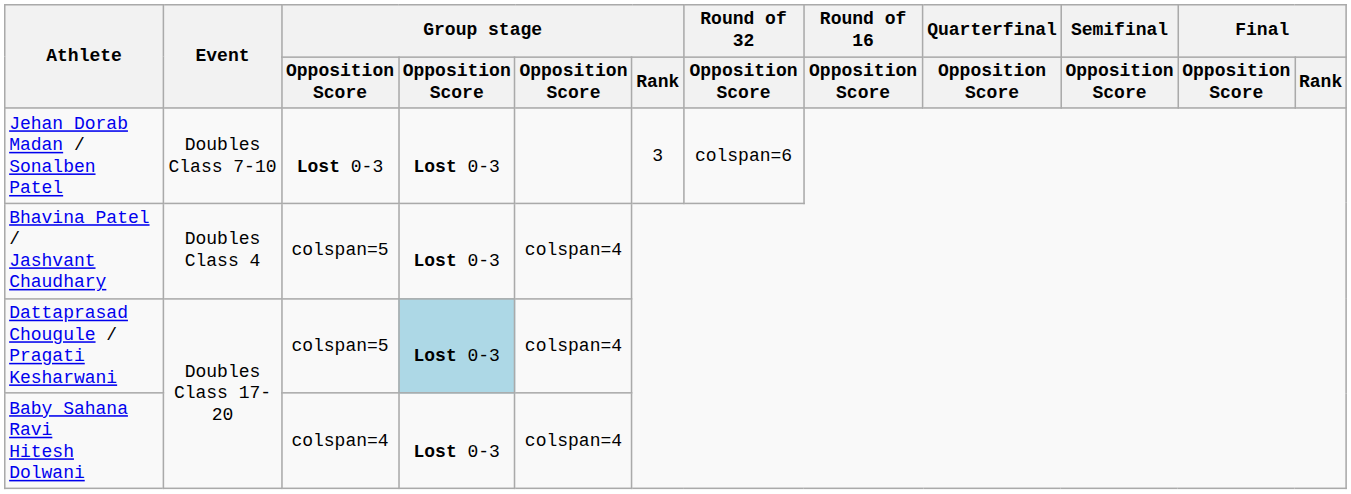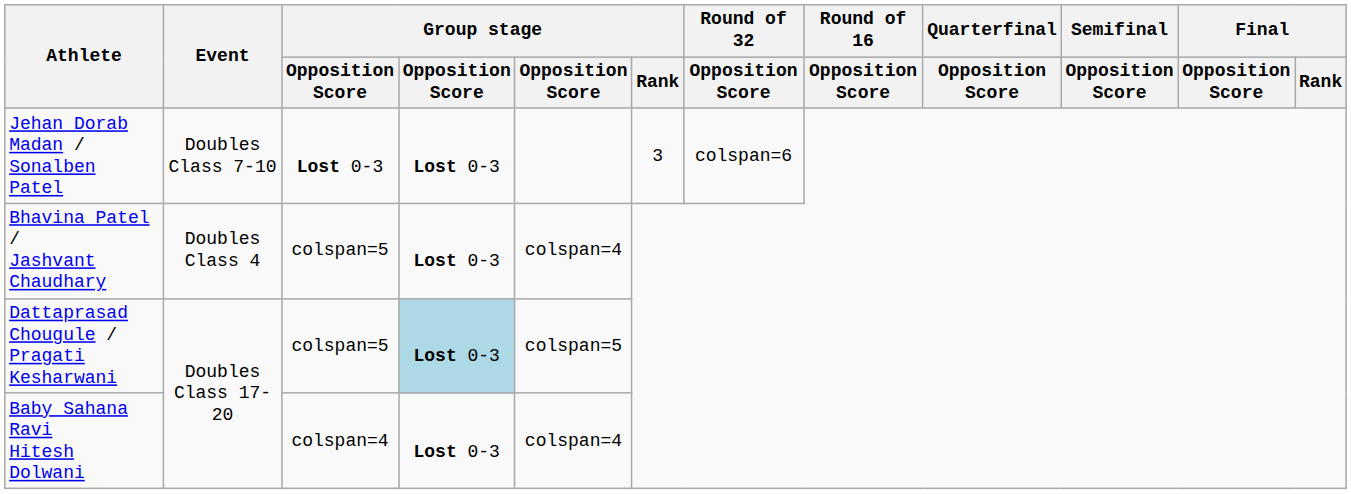 <table class="wikitable" style="text-align:center; font-size:90%">
 <tr>
 <th rowspan="2">Athlete</th>
 <th rowspan="2">Event</th>
 <th colspan="4">Group stage</th>
 <th>Round of 32</th>
 <th>Round of 16</th>
 <th>Quarterfinal</th>
 <th>Semifinal</th>
 <th colspan="2">Final</th>
 </tr>
 <tr>
 <th>Opposition<br>Score</th>
 <th>Opposition<br>Score</th>
 <th>Opposition<br>Score</th>
 <th>Rank</th>
 <th>Opposition<br>Score</th>
 <th>Opposition<br>Score</th>
 <th>Opposition<br>Score</th>
 <th>Opposition<br>Score</th>
 <th>Opposition<br>Score</th>
 <th>Rank</th>
 </tr>
 <tr>
 <td align="left"><a href='#'>Jehan Dorab Madan</a> /<br> <a href='#'>Sonalben Patel</a></td>
 <td>Doubles Class 7-10</td>
 <td><br><strong>Lost</strong> 0-3</td>
 <td><br><strong>Lost</strong> 0-3</td>
 <td></td>
 <td>3</td>
 <td>colspan=6 </td>
 </tr>
 <tr>
 <td align="left"><a href='#'>Bhavina Patel</a> /<br> <a href='#'>Jashvant Chaudhary</a></td>
 <td>Doubles Class 4</td>
 <td>colspan=5 </td>
 <td><br><strong>Lost</strong> 0-3</td>
 <td>colspan=4 </td>
 </tr>
 <tr>
 <td align="left"><a href='#'>Dattaprasad Chougule</a> /<br> <a href='#'>Pragati Kesharwani</a></td>
 <td rowspan=2>Doubles Class 17-20</td>
 <td>colspan=5 </td>
 <td style="background: lightblue;"><br><strong>Lost</strong> 0-3</td>
-<td>colspan=4 </td>
+<td>colspan=5 </td>
 </tr>
 <tr>
 <td align="left"><a href='#'>Baby Sahana Ravi</a><br><a href='#'>Hitesh Dolwani</a></td>
 <td>colspan=4 </td>
 <td><br><strong>Lost</strong> 0-3</td>
 <td>colspan=4 </td>
 </tr>
 </table>
